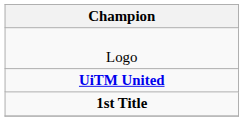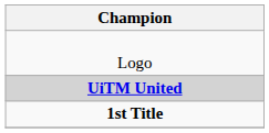 <table class="wikitable" style="text-align: center; margin: 0 auto; width: 20%">
 <tr>
 <th>Champion</th>
 </tr>
 <tr>
 <td><br>Logo</td>
 </tr>
 <tr>
-<td><strong><a href='#'>UiTM United</a></strong></td>
+<td style="background: lightgrey;"><strong><a href='#'>UiTM United</a></strong></td>
 </tr>
 <tr>
 <td><strong>1st Title</strong></td>
 </tr>
 <tr>
 </tr>
 </table>
